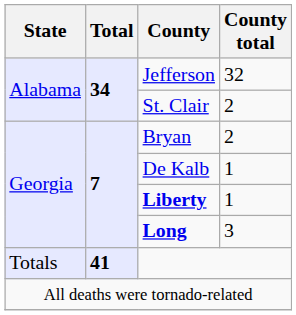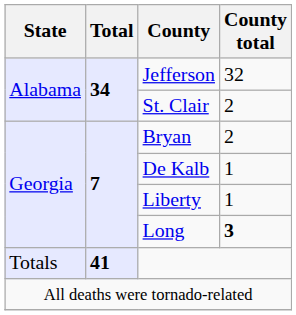 <table class="wikitable" style="margin:0 0 0.5em 1em;float:right;">
 <tr>
 <th><strong>State</strong></th>
 <th><strong>Total</strong></th>
 <th><strong>County</strong></th>
 <th><strong>County<br>total</strong></th>
 </tr>
 <tr>
 <td rowspan=2 bgcolor="#e6e9ff"><a href='#'>Alabama</a></td>
 <td rowspan=2 bgcolor="#e6e9ff"><strong>34</strong></td>
 <td><a href='#'>Jefferson</a></td>
 <td>32</td>
 </tr>
 <tr>
 <td><a href='#'>St. Clair</a></td>
 <td>2</td>
 </tr>
 <tr>
 <td rowspan=4 bgcolor="#e6e9ff"><a href='#'>Georgia</a></td>
 <td rowspan=4 bgcolor="#e6e9ff"><strong>7</strong></td>
 <td><a href='#'>Bryan</a></td>
 <td>2</td>
 </tr>
 <tr>
 <td><a href='#'>De Kalb</a></td>
 <td>1</td>
 </tr>
 <tr>
-<td><strong><a href='#'>Liberty</a></strong></td>
+<td><a href='#'>Liberty</a></td>
 <td>1</td>
 </tr>
 <tr>
-<td><strong><a href='#'>Long</a></strong></td>
-<td>3</td>
+<td><a href='#'>Long</a></td>
+<td><strong>3</strong></td>
 </tr>
 <tr>
 <td bgcolor="#e6e9ff">Totals</td>
 <td bgcolor="#e6e9ff"><strong>41</strong></td>
 <td colspan=2></td>
 </tr>
 <tr>
 <td colspan=4 align=center><small>All deaths were tornado-related</small></td>
 </tr>
 <tr>
 </tr>
 </table>
